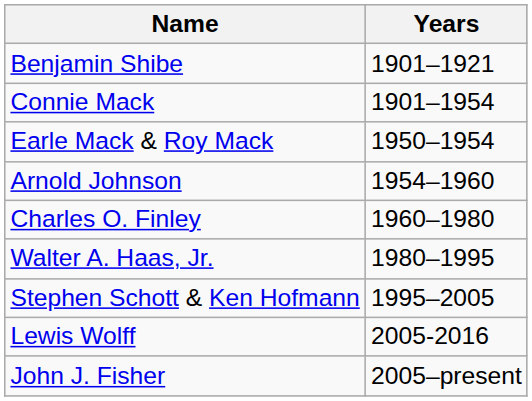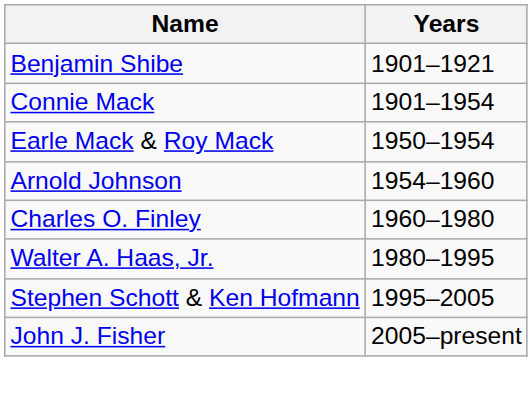 <table class="wikitable">
 <tr>
 <th>Name</th>
 <th>Years</th>
 </tr>
 <tr>
 <td><a href='#'>Benjamin Shibe</a></td>
 <td>1901–1921</td>
 </tr>
 <tr>
 <td><a href='#'>Connie Mack</a></td>
 <td>1901–1954</td>
 </tr>
 <tr>
 <td><a href='#'>Earle Mack</a> & <a href='#'>Roy Mack</a></td>
 <td>1950–1954</td>
 </tr>
 <tr>
 <td><a href='#'>Arnold Johnson</a></td>
 <td>1954–1960</td>
 </tr>
 <tr>
 <td><a href='#'>Charles O. Finley</a></td>
 <td>1960–1980</td>
 </tr>
 <tr>
 <td><a href='#'>Walter A. Haas, Jr.</a></td>
 <td>1980–1995</td>
 </tr>
 <tr>
 <td><a href='#'>Stephen Schott</a> & <a href='#'>Ken Hofmann</a></td>
 <td>1995–2005</td>
 </tr>
 <tr>
-<td><a href='#'>Lewis Wolff</a></td>
-<td>2005-2016</td>
-</tr>
-<tr>
 <td><a href='#'>John J. Fisher</a></td>
 <td>2005–present</td>
 </tr>
 </table>
